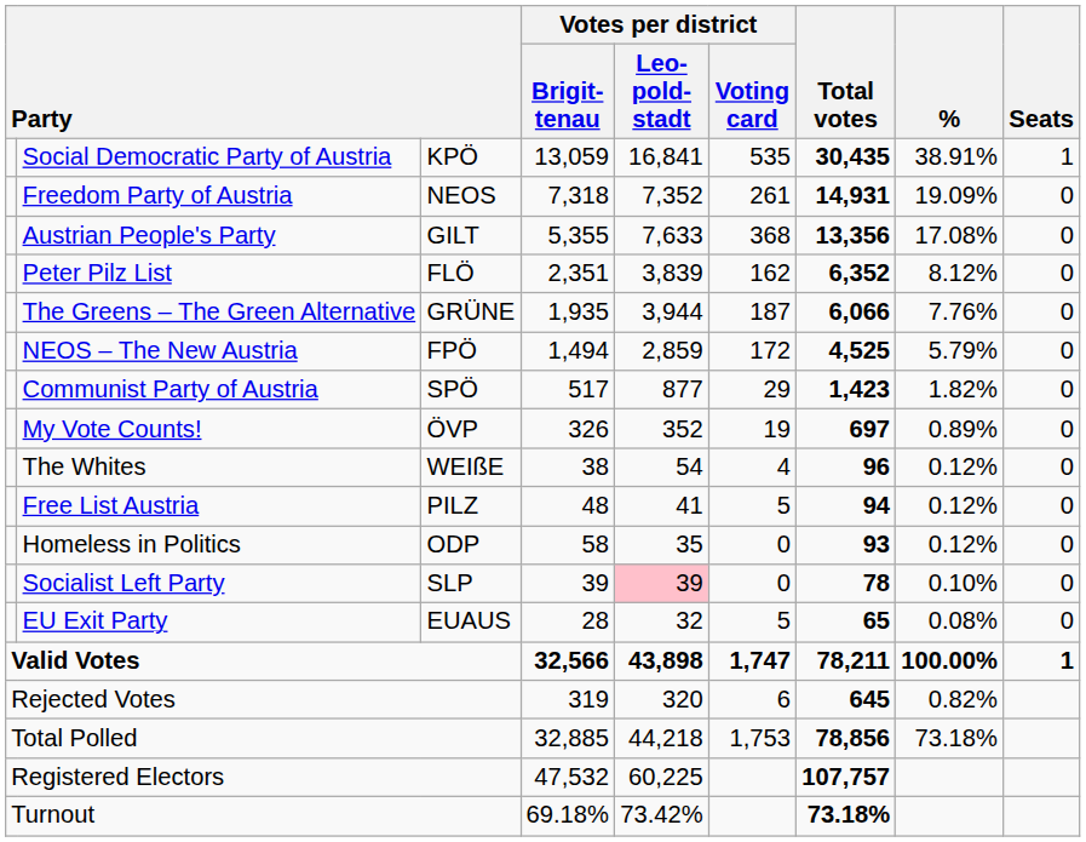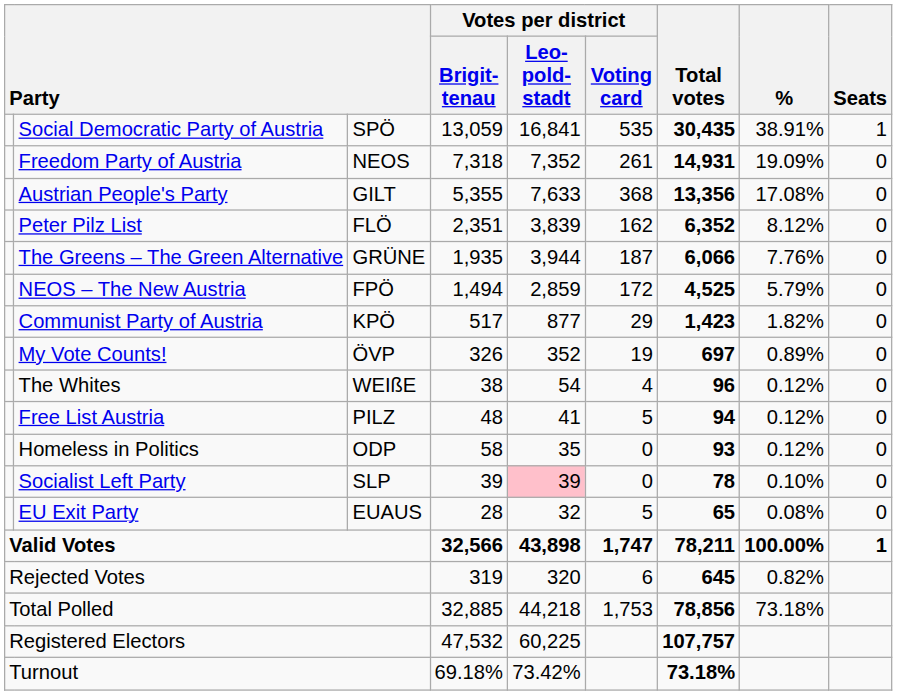 <table class="wikitable" border="1" style="text-align:right;">
 <tr>
 <th style="text-align:left;" valign=bottom rowspan=2 colspan=3>Party</th>
 <th colspan=3>Votes per district</th>
 <th align=center valign=bottom rowspan=2 width="50">Total<br>votes</th>
 <th align=center valign=bottom rowspan=2 width="50">%</th>
 <th align=center valign=bottom rowspan=2>Seats</th>
 </tr>
 <tr>
 <th align=center valign=bottom width="50"><a href='#'>Brigit-<br>tenau</a></th>
 <th align=center valign=bottom width="50"><a href='#'>Leo-<br>pold-<br>stadt</a></th>
 <th align=center valign=bottom width="50"><a href='#'>Voting<br>card</a></th>
 </tr>
 <tr>
 <td></td>
 <td align=left><a href='#'>Social Democratic Party of Austria</a></td>
-<td align=left>KPÖ</td>
+<td align=left>SPÖ</td>
 <td>13,059</td>
 <td>16,841</td>
 <td>535</td>
 <td><strong>30,435</strong></td>
 <td>38.91%</td>
 <td>1</td>
 </tr>
 <tr>
 <td></td>
 <td align=left><a href='#'>Freedom Party of Austria</a></td>
 <td align=left>NEOS</td>
 <td>7,318</td>
 <td>7,352</td>
 <td>261</td>
 <td><strong>14,931</strong></td>
 <td>19.09%</td>
 <td>0</td>
 </tr>
 <tr>
 <td></td>
 <td align=left><a href='#'>Austrian People's Party</a></td>
 <td align=left>GILT</td>
 <td>5,355</td>
 <td>7,633</td>
 <td>368</td>
 <td><strong>13,356</strong></td>
 <td>17.08%</td>
 <td>0</td>
 </tr>
 <tr>
 <td></td>
 <td align=left><a href='#'>Peter Pilz List</a></td>
 <td align=left>FLÖ</td>
 <td>2,351</td>
 <td>3,839</td>
 <td>162</td>
 <td><strong>6,352</strong></td>
 <td>8.12%</td>
 <td>0</td>
 </tr>
 <tr>
 <td></td>
 <td align=left style="white-space: nowrap;"><a href='#'>The Greens – The Green Alternative</a></td>
 <td align=left>GRÜNE</td>
 <td>1,935</td>
 <td>3,944</td>
 <td>187</td>
 <td><strong>6,066</strong></td>
 <td>7.76%</td>
 <td>0</td>
 </tr>
 <tr>
 <td></td>
 <td align=left><a href='#'>NEOS – The New Austria</a></td>
 <td align=left>FPÖ</td>
 <td>1,494</td>
 <td>2,859</td>
 <td>172</td>
 <td><strong>4,525</strong></td>
 <td>5.79%</td>
 <td>0</td>
 </tr>
 <tr>
 <td></td>
 <td align=left><a href='#'>Communist Party of Austria</a></td>
-<td align=left>SPÖ</td>
+<td align=left>KPÖ</td>
 <td>517</td>
 <td>877</td>
 <td>29</td>
 <td><strong>1,423</strong></td>
 <td>1.82%</td>
 <td>0</td>
 </tr>
 <tr>
 <td></td>
 <td align=left><a href='#'>My Vote Counts!</a></td>
 <td align=left>ÖVP</td>
 <td>326</td>
 <td>352</td>
 <td>19</td>
 <td><strong>697</strong></td>
 <td>0.89%</td>
 <td>0</td>
 </tr>
 <tr>
 <td></td>
 <td align=left>The Whites</td>
 <td align=left>WEIßE</td>
 <td>38</td>
 <td>54</td>
 <td>4</td>
 <td><strong>96</strong></td>
 <td>0.12%</td>
 <td>0</td>
 </tr>
 <tr>
 <td></td>
 <td align=left><a href='#'>Free List Austria</a></td>
 <td align=left>PILZ</td>
 <td>48</td>
 <td>41</td>
 <td>5</td>
 <td><strong>94</strong></td>
 <td>0.12%</td>
 <td>0</td>
 </tr>
 <tr>
 <td></td>
 <td align=left>Homeless in Politics</td>
 <td align=left>ODP</td>
 <td>58</td>
 <td>35</td>
 <td>0</td>
 <td><strong>93</strong></td>
 <td>0.12%</td>
 <td>0</td>
 </tr>
 <tr>
 <td></td>
 <td align=left><a href='#'>Socialist Left Party</a></td>
 <td align=left>SLP</td>
 <td>39</td>
 <td style="background: pink;">39</td>
 <td>0</td>
 <td><strong>78</strong></td>
 <td>0.10%</td>
 <td>0</td>
 </tr>
 <tr>
 <td></td>
 <td align=left><a href='#'>EU Exit Party</a></td>
 <td align=left>EUAUS</td>
 <td>28</td>
 <td>32</td>
 <td>5</td>
 <td><strong>65</strong></td>
 <td>0.08%</td>
 <td>0</td>
 </tr>
 <tr style="font-weight:bold">
 <td align=left colspan=3>Valid Votes</td>
 <td>32,566</td>
 <td>43,898</td>
 <td>1,747</td>
 <td>78,211</td>
 <td>100.00%</td>
 <td>1</td>
 </tr>
 <tr>
 <td align=left colspan=3>Rejected Votes</td>
 <td>319</td>
 <td>320</td>
 <td>6</td>
 <td><strong>645</strong></td>
 <td>0.82%</td>
 <td></td>
 </tr>
 <tr>
 <td align=left colspan=3>Total Polled</td>
 <td>32,885</td>
 <td>44,218</td>
 <td>1,753</td>
 <td><strong>78,856</strong></td>
 <td>73.18%</td>
 <td></td>
 </tr>
 <tr>
 <td align=left colspan=3>Registered Electors</td>
 <td>47,532</td>
 <td>60,225</td>
 <td></td>
 <td><strong>107,757</strong></td>
 <td></td>
 <td></td>
 </tr>
 <tr>
 <td align=left colspan=3>Turnout</td>
 <td>69.18%</td>
 <td>73.42%</td>
 <td></td>
 <td><strong>73.18%</strong></td>
 <td></td>
 <td></td>
 </tr>
 </table>
